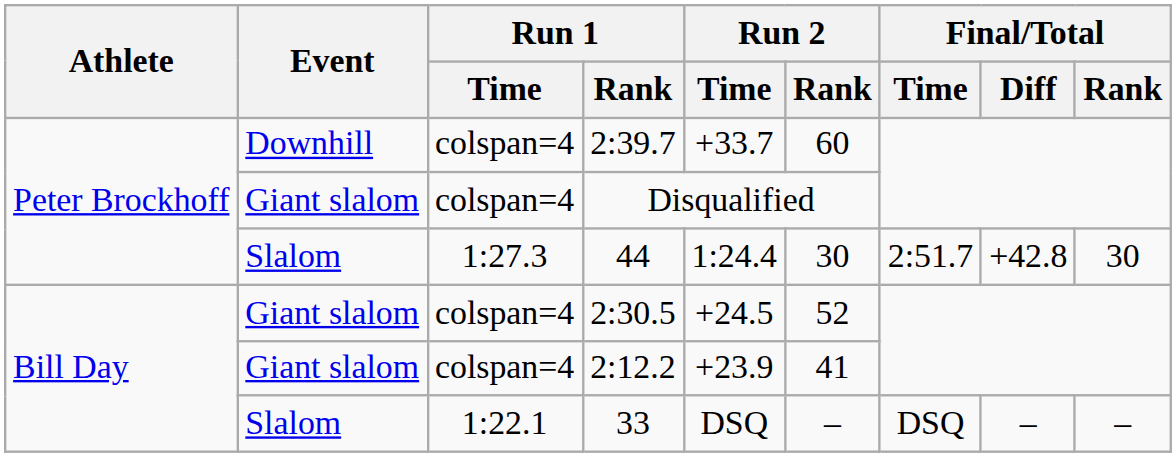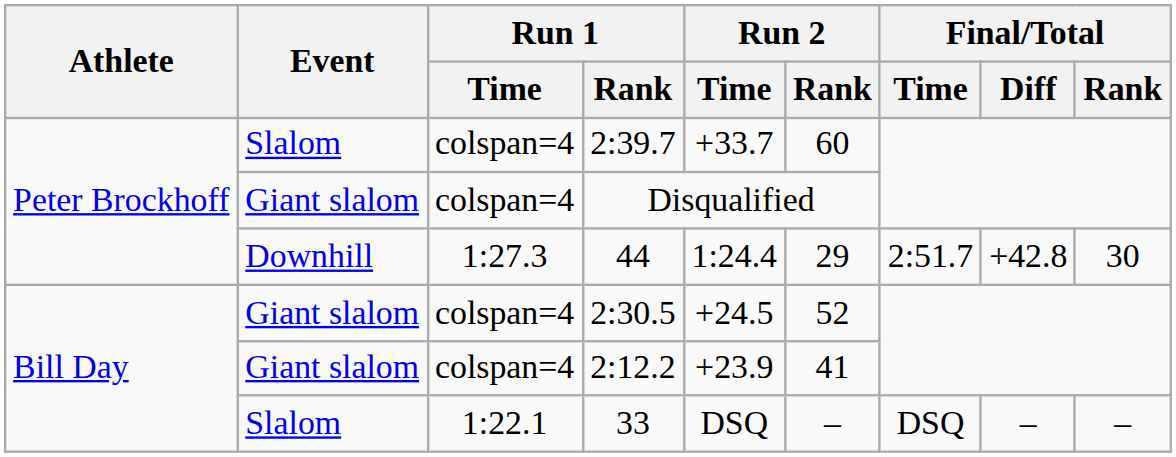 <table class="wikitable" style="font-size:90%">
 <tr>
 <th rowspan="2">Athlete</th>
 <th rowspan="2">Event</th>
 <th colspan="2">Run 1</th>
 <th colspan="2">Run 2</th>
 <th colspan="3">Final/Total</th>
 </tr>
 <tr>
 <th>Time</th>
 <th>Rank</th>
 <th>Time</th>
 <th>Rank</th>
 <th>Time</th>
 <th>Diff</th>
 <th>Rank</th>
 </tr>
 <tr align="center">
 <td align="left" rowspan=3><a href='#'>Peter Brockhoff</a></td>
-<td align="left"><a href='#'>Downhill</a></td>
+<td align="left"><a href='#'>Slalom</a></td>
 <td>colspan=4 </td>
 <td>2:39.7</td>
 <td>+33.7</td>
 <td>60</td>
 </tr>
 <tr align="center">
 <td align="left"><a href='#'>Giant slalom</a></td>
 <td>colspan=4 </td>
 <td colspan=3>Disqualified</td>
 </tr>
 <tr align="center">
-<td align="left"><a href='#'>Slalom</a></td>
+<td align="left"><a href='#'>Downhill</a></td>
 <td>1:27.3</td>
 <td>44</td>
 <td>1:24.4</td>
-<td>30</td>
+<td>29</td>
 <td>2:51.7</td>
 <td>+42.8</td>
 <td>30</td>
 </tr>
 <tr align="center">
 <td align="left" rowspan=3><a href='#'>Bill Day</a></td>
 <td align="left"><a href='#'>Giant slalom</a></td>
 <td>colspan=4 </td>
 <td>2:30.5</td>
 <td>+24.5</td>
 <td>52</td>
 </tr>
 <tr align="center">
 <td align="left"><a href='#'>Giant slalom</a></td>
 <td>colspan=4 </td>
 <td>2:12.2</td>
 <td>+23.9</td>
 <td>41</td>
 </tr>
 <tr align="center">
 <td align="left"><a href='#'>Slalom</a></td>
 <td>1:22.1</td>
 <td>33</td>
 <td>DSQ</td>
 <td>–</td>
 <td>DSQ</td>
 <td>–</td>
 <td>–</td>
 </tr>
 </table>
